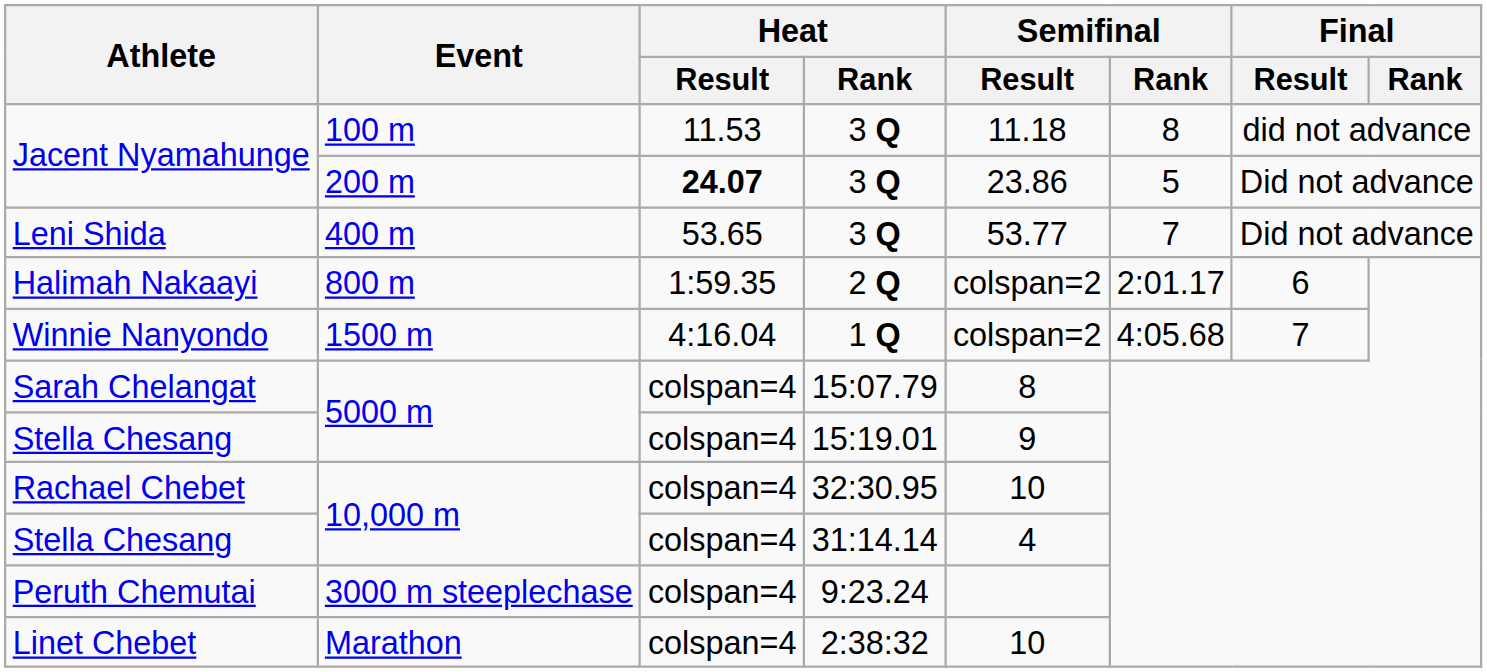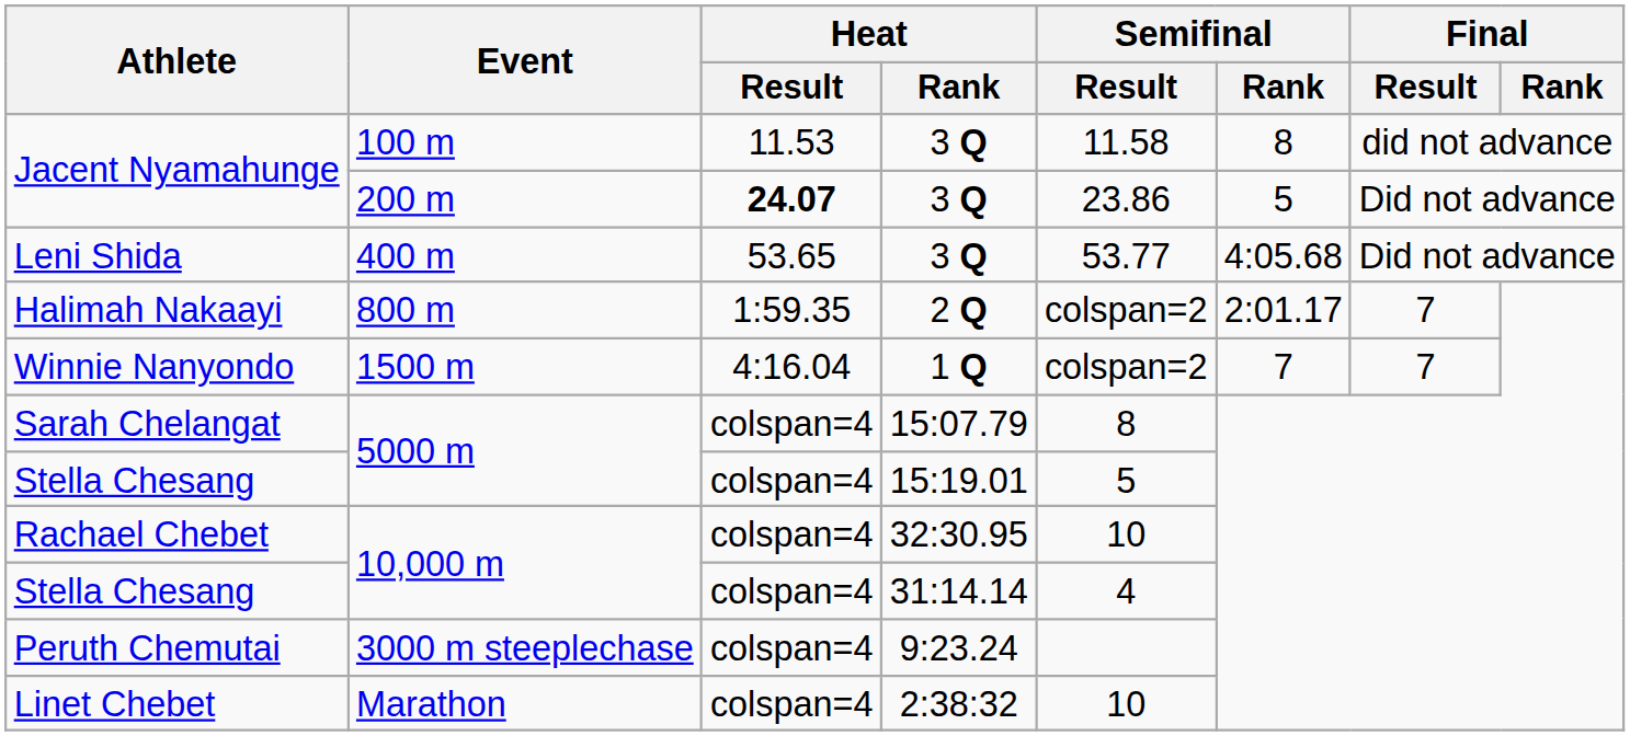 <table class="wikitable" style="font-size:90%; text-align:center">
 <tr>
 <th rowspan=2>Athlete</th>
 <th rowspan=2>Event</th>
 <th colspan=2>Heat</th>
 <th colspan=2>Semifinal</th>
 <th colspan=2>Final</th>
 </tr>
 <tr style="font-size:95%">
 <th>Result</th>
 <th>Rank</th>
 <th>Result</th>
 <th>Rank</th>
 <th>Result</th>
 <th>Rank</th>
 </tr>
 <tr>
 <td align=left rowspan=2><a href='#'>Jacent Nyamahunge</a></td>
 <td align=left rowspan=1><a href='#'>100 m</a></td>
 <td>11.53</td>
 <td>3 <strong>Q</strong></td>
-<td>11.18</td>
+<td>11.58</td>
 <td>8</td>
 <td colspan=2>did not advance</td>
 </tr>
 <tr>
 <td align=left><a href='#'>200 m</a></td>
 <td><strong>24.07</strong></td>
 <td>3 <strong>Q</strong></td>
 <td>23.86</td>
 <td>5</td>
 <td colspan="2">Did not advance</td>
 </tr>
 <tr>
 <td align="left"><a href='#'>Leni Shida</a></td>
 <td align=left><a href='#'>400 m</a></td>
 <td>53.65</td>
 <td>3 <strong>Q</strong></td>
 <td>53.77</td>
-<td>7</td>
+<td>4:05.68</td>
 <td colspan="2">Did not advance</td>
 </tr>
 <tr>
 <td align="left"><a href='#'>Halimah Nakaayi</a></td>
 <td align="left"><a href='#'>800 m</a></td>
 <td>1:59.35</td>
 <td>2 <strong>Q</strong></td>
 <td>colspan=2 </td>
 <td>2:01.17</td>
-<td>6</td>
+<td>7</td>
 </tr>
 <tr>
 <td align="left"><a href='#'>Winnie Nanyondo</a></td>
 <td rowspan="1" align="left"><a href='#'>1500 m</a></td>
 <td>4:16.04</td>
 <td>1 <strong>Q</strong></td>
 <td>colspan=2 </td>
-<td>4:05.68</td>
+<td>7</td>
 <td>7</td>
 </tr>
 <tr>
 <td align=left><a href='#'>Sarah Chelangat</a></td>
 <td align=left rowspan=2><a href='#'>5000 m</a></td>
 <td>colspan=4 </td>
 <td>15:07.79</td>
 <td>8</td>
 </tr>
 <tr>
 <td align=left><a href='#'>Stella Chesang</a></td>
 <td>colspan=4 </td>
 <td>15:19.01</td>
-<td>9</td>
+<td>5</td>
 </tr>
 <tr>
 <td align=left><a href='#'>Rachael Chebet</a></td>
 <td align=left rowspan=2><a href='#'>10,000 m</a></td>
 <td>colspan=4 </td>
 <td>32:30.95</td>
 <td>10</td>
 </tr>
 <tr>
 <td align=left><a href='#'>Stella Chesang</a></td>
 <td>colspan=4 </td>
 <td>31:14.14</td>
 <td>4</td>
 </tr>
 <tr>
 <td align=left><a href='#'>Peruth Chemutai</a></td>
 <td align=left rowspan=1><a href='#'>3000 m steeplechase</a></td>
 <td>colspan=4 </td>
 <td>9:23.24</td>
 <td></td>
 </tr>
 <tr>
 <td align=left><a href='#'>Linet Chebet</a></td>
 <td align=left rowspan=1><a href='#'>Marathon</a></td>
 <td>colspan=4 </td>
 <td>2:38:32</td>
 <td>10</td>
 </tr>
 </table>
